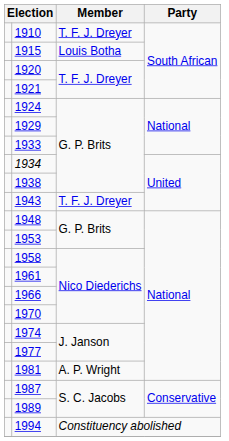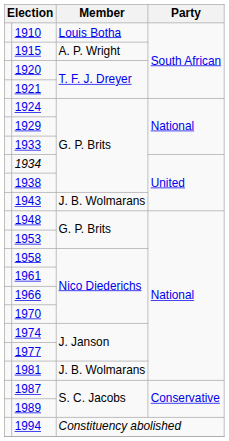 <table class="wikitable">
 <tr>
 <th colspan="2">Election</th>
 <th>Member</th>
 <th>Party</th>
 </tr>
 <tr>
 <td style="background-color: "></td>
 <td><a href='#'>1910</a></td>
-<td><a href='#'>T. F. J. Dreyer</a></td>
+<td><a href='#'>Louis Botha</a></td>
 <td rowspan="4"><a href='#'>South African</a></td>
 </tr>
 <tr>
 <td style="background-color: "></td>
 <td><a href='#'>1915</a></td>
-<td><a href='#'>Louis Botha</a></td>
+<td>A. P. Wright</td>
 </tr>
 <tr>
 <td style="background-color: "></td>
 <td><a href='#'>1920</a></td>
 <td rowspan="2"><a href='#'>T. F. J. Dreyer</a></td>
 </tr>
 <tr>
 <td style="background-color: "></td>
 <td><a href='#'>1921</a></td>
 </tr>
 <tr>
 <td style="background-color: "></td>
 <td><a href='#'>1924</a></td>
 <td rowspan="5">G. P. Brits</td>
 <td rowspan="3"><a href='#'>National</a></td>
 </tr>
 <tr>
 <td style="background-color: "></td>
 <td><a href='#'>1929</a></td>
 </tr>
 <tr>
 <td style="background-color: "></td>
 <td><a href='#'>1933</a></td>
 </tr>
 <tr>
 <td style="background-color: "></td>
 <td><em>1934</em></td>
 <td rowspan="3"><a href='#'>United</a></td>
 </tr>
 <tr>
 <td style="background-color: "></td>
 <td><a href='#'>1938</a></td>
 </tr>
 <tr>
 <td style="background-color: "></td>
 <td><a href='#'>1943</a></td>
-<td><a href='#'>T. F. J. Dreyer</a></td>
+<td>J. B. Wolmarans</td>
 </tr>
 <tr>
 <td style="background-color: "></td>
 <td><a href='#'>1948</a></td>
 <td rowspan="2">G. P. Brits</td>
 <td rowspan="9"><a href='#'>National</a></td>
 </tr>
 <tr>
 <td style="background-color: "></td>
 <td><a href='#'>1953</a></td>
 </tr>
 <tr>
 <td style="background-color: "></td>
 <td><a href='#'>1958</a></td>
 <td rowspan="4"><a href='#'>Nico Diederichs</a></td>
 </tr>
 <tr>
 <td style="background-color: "></td>
 <td><a href='#'>1961</a></td>
 </tr>
 <tr>
 <td style="background-color: "></td>
 <td><a href='#'>1966</a></td>
 </tr>
 <tr>
 <td style="background-color: "></td>
 <td><a href='#'>1970</a></td>
 </tr>
 <tr>
 <td style="background-color: "></td>
 <td><a href='#'>1974</a></td>
 <td rowspan="2">J. Janson</td>
 </tr>
 <tr>
 <td style="background-color: "></td>
 <td><a href='#'>1977</a></td>
 </tr>
 <tr>
 <td style="background-color: "></td>
 <td><a href='#'>1981</a></td>
-<td>A. P. Wright</td>
+<td>J. B. Wolmarans</td>
 </tr>
 <tr>
 <td style="background-color: "></td>
 <td><a href='#'>1987</a></td>
 <td rowspan="2">S. C. Jacobs</td>
 <td rowspan="2"><a href='#'>Conservative</a></td>
 </tr>
 <tr>
 <td style="background-color: "></td>
 <td><a href='#'>1989</a></td>
 </tr>
 <tr>
 <td style="background-color: "></td>
 <td><a href='#'>1994</a></td>
 <td colspan="2"><em>Constituency abolished</em></td>
 </tr>
 <tr>
 </tr>
 </table>
